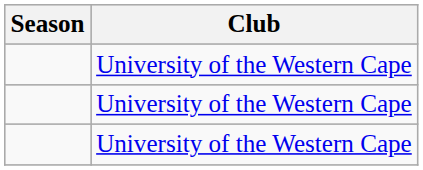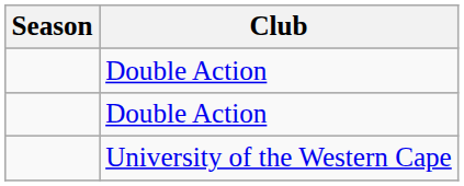 <table class="wikitable">
 <tr>
 <th>Season</th>
 <th>Club</th>
 </tr>
 <tr>
 <td></td>
-<td> <a href='#'>University of the Western Cape</a></td>
+<td> <a href='#'>Double Action</a></td>
 </tr>
 <tr>
 <td></td>
-<td> <a href='#'>University of the Western Cape</a></td>
+<td> <a href='#'>Double Action</a></td>
 </tr>
 <tr>
 <td></td>
 <td> <a href='#'>University of the Western Cape</a></td>
 </tr>
 </table>
